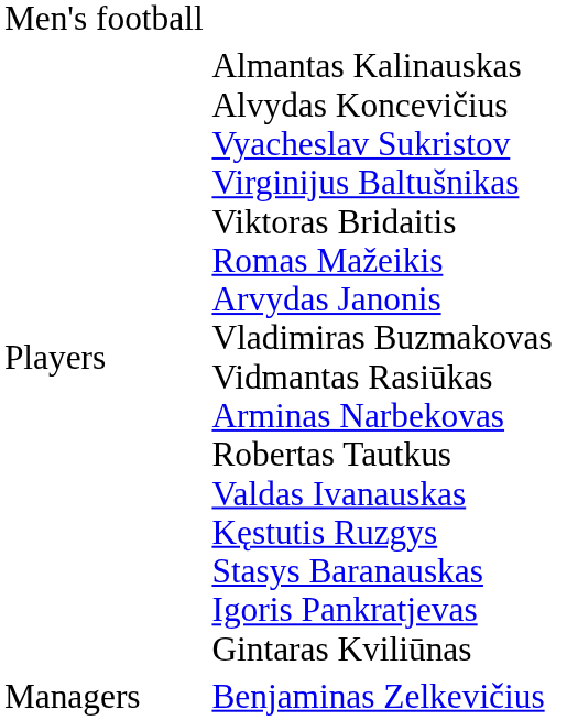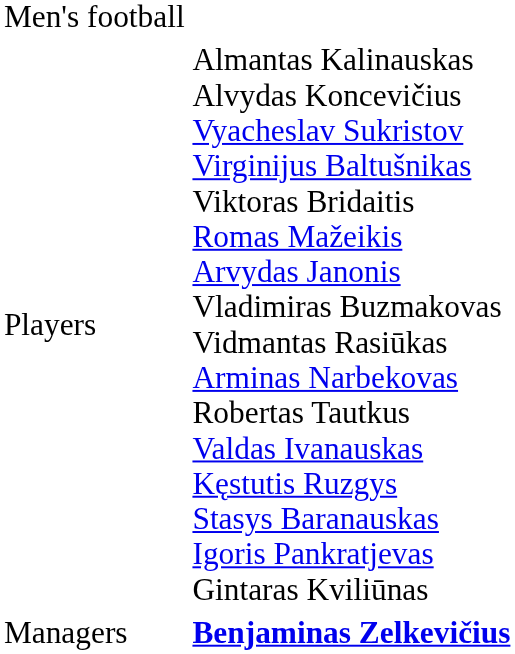 <table>
 <tr>
 <td>Men's football</td>
 <td></td>
 <td></td>
 <td></td>
 </tr>
 <tr>
 <td>Players</td>
 <td>Almantas Kalinauskas<br>Alvydas Koncevičius<br><a href='#'>Vyacheslav Sukristov</a><br><a href='#'>Virginijus Baltušnikas</a><br>Viktoras Bridaitis<br><a href='#'>Romas Mažeikis</a><br><a href='#'>Arvydas Janonis</a><br>Vladimiras Buzmakovas<br>Vidmantas Rasiūkas<br><a href='#'>Arminas Narbekovas</a><br>Robertas Tautkus<br><a href='#'>Valdas Ivanauskas</a><br><a href='#'>Kęstutis Ruzgys</a><br><a href='#'>Stasys Baranauskas</a><br><a href='#'>Igoris Pankratjevas</a><br>Gintaras Kviliūnas</td>
 <td></td>
 <td></td>
 </tr>
 <tr>
 <td>Managers</td>
-<td><a href='#'>Benjaminas Zelkevičius</a></td>
+<td><strong><a href='#'>Benjaminas Zelkevičius</a></strong></td>
 <td></td>
 <td></td>
 </tr>
 </table>
